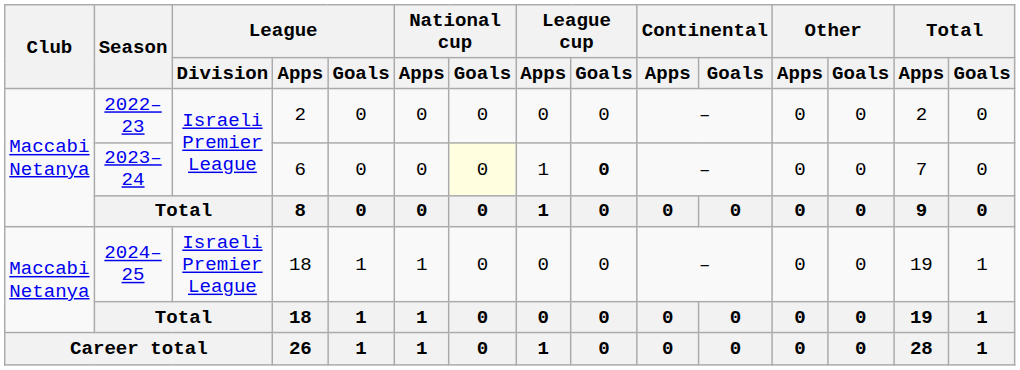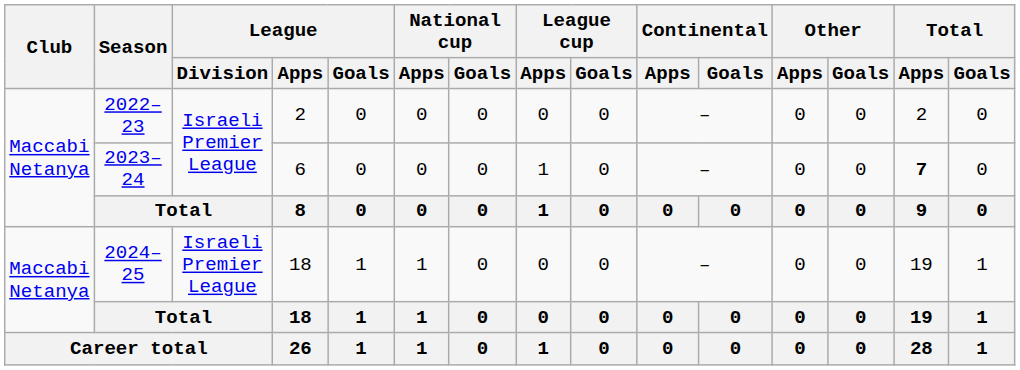 <table class="wikitable" style="text-align:center">
 <tr>
 <th rowspan="2">Club</th>
 <th rowspan="2">Season</th>
 <th colspan="3">League</th>
 <th colspan="2">National cup</th>
 <th colspan="2">League cup</th>
 <th colspan="2">Continental</th>
 <th colspan="2">Other</th>
 <th colspan="2">Total</th>
 </tr>
 <tr>
 <th>Division</th>
 <th>Apps</th>
 <th>Goals</th>
 <th>Apps</th>
 <th>Goals</th>
 <th>Apps</th>
 <th>Goals</th>
 <th>Apps</th>
 <th>Goals</th>
 <th>Apps</th>
 <th>Goals</th>
 <th>Apps</th>
 <th>Goals</th>
 </tr>
 <tr>
 <td rowspan="3"><a href='#'>Maccabi Netanya</a></td>
 <td><a href='#'>2022–23</a></td>
 <td rowspan="2"><a href='#'>Israeli Premier League</a></td>
 <td>2</td>
 <td>0</td>
 <td>0</td>
 <td>0</td>
 <td>0</td>
 <td>0</td>
 <td colspan="2">–</td>
 <td>0</td>
 <td>0</td>
 <td>2</td>
 <td>0</td>
 </tr>
 <tr>
 <td><a href='#'>2023–24</a></td>
 <td>6</td>
 <td>0</td>
 <td>0</td>
-<td style="background: lightyellow;">0</td>
+<td>0</td>
 <td>1</td>
-<td><strong>0</strong></td>
+<td>0</td>
 <td colspan="2">–</td>
 <td>0</td>
 <td>0</td>
-<td>7</td>
+<td><strong>7</strong></td>
 <td>0</td>
 </tr>
 <tr>
 <th colspan="2">Total</th>
 <th>8</th>
 <th>0</th>
 <th>0</th>
 <th>0</th>
 <th>1</th>
 <th>0</th>
 <th>0</th>
 <th>0</th>
 <th>0</th>
 <th>0</th>
 <th>9</th>
 <th>0</th>
 </tr>
 <tr>
 <td rowspan="2"><a href='#'>Maccabi Netanya</a></td>
 <td><a href='#'>2024–25</a></td>
 <td rowspan="1"><a href='#'>Israeli Premier League</a></td>
 <td>18</td>
 <td>1</td>
 <td>1</td>
 <td>0</td>
 <td>0</td>
 <td>0</td>
 <td colspan="2">–</td>
 <td>0</td>
 <td>0</td>
 <td>19</td>
 <td>1</td>
 </tr>
 <tr>
 <th colspan="2">Total</th>
 <th>18</th>
 <th>1</th>
 <th>1</th>
 <th>0</th>
 <th>0</th>
 <th>0</th>
 <th>0</th>
 <th>0</th>
 <th>0</th>
 <th>0</th>
 <th>19</th>
 <th>1</th>
 </tr>
 <tr>
 <th colspan="3">Career total</th>
 <th>26</th>
 <th>1</th>
 <th>1</th>
 <th>0</th>
 <th>1</th>
 <th>0</th>
 <th>0</th>
 <th>0</th>
 <th>0</th>
 <th>0</th>
 <th>28</th>
 <th>1</th>
 </tr>
 </table>
